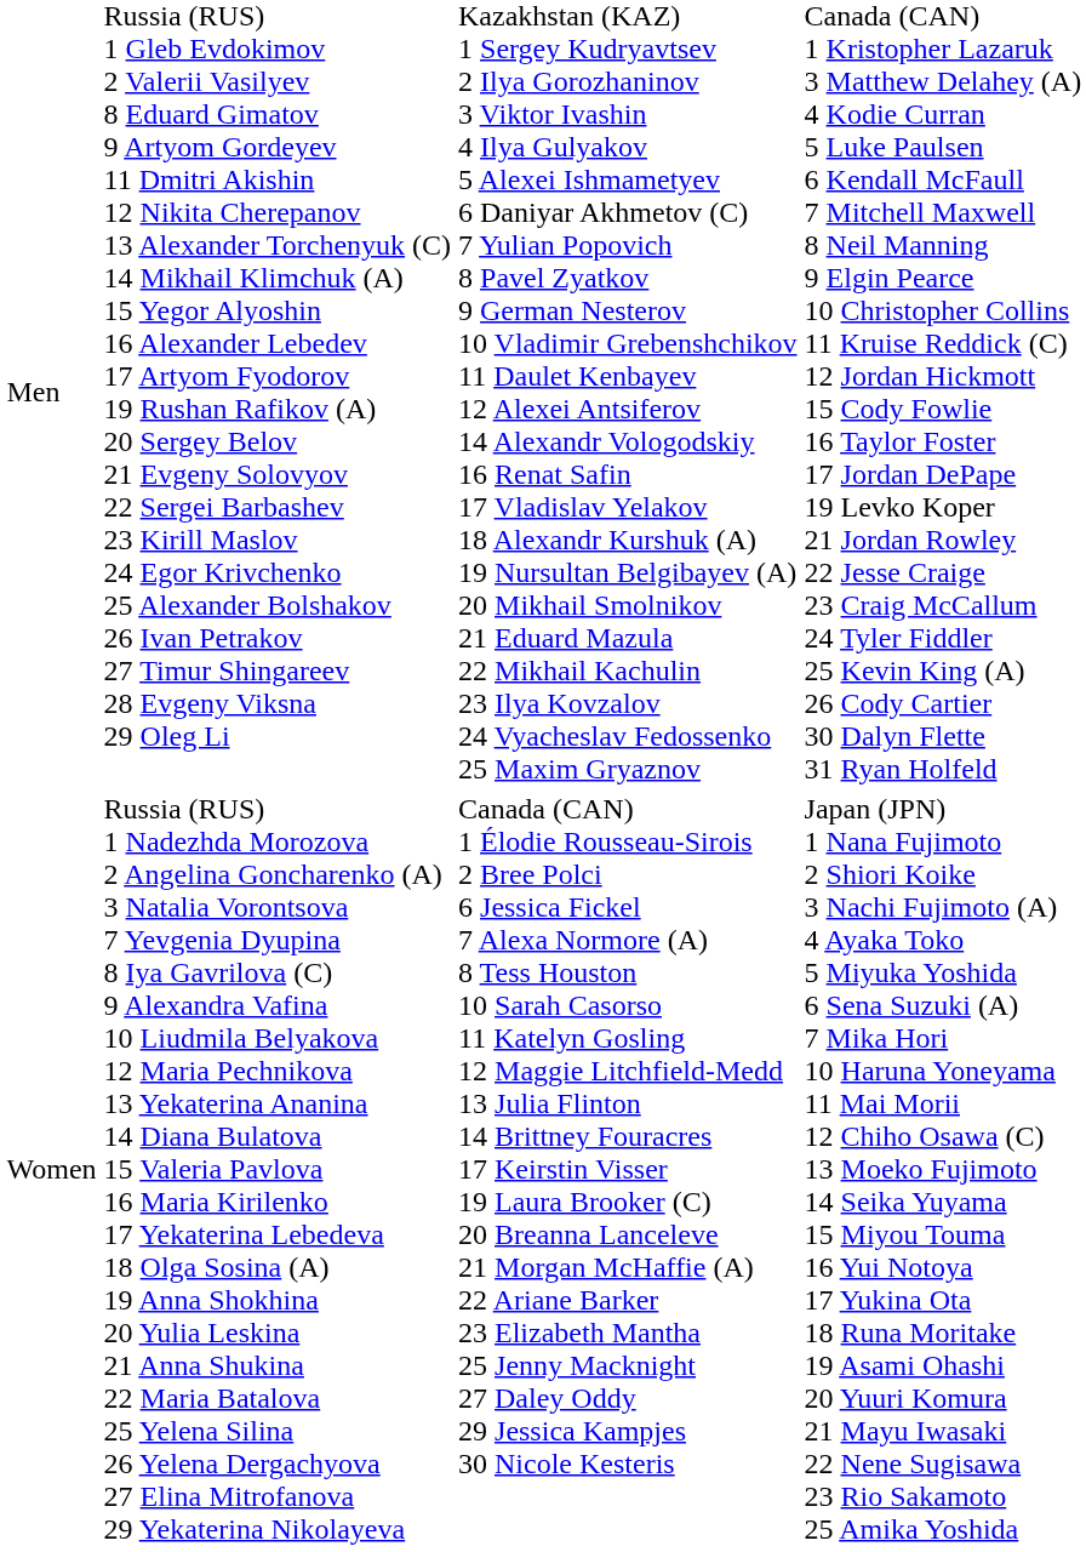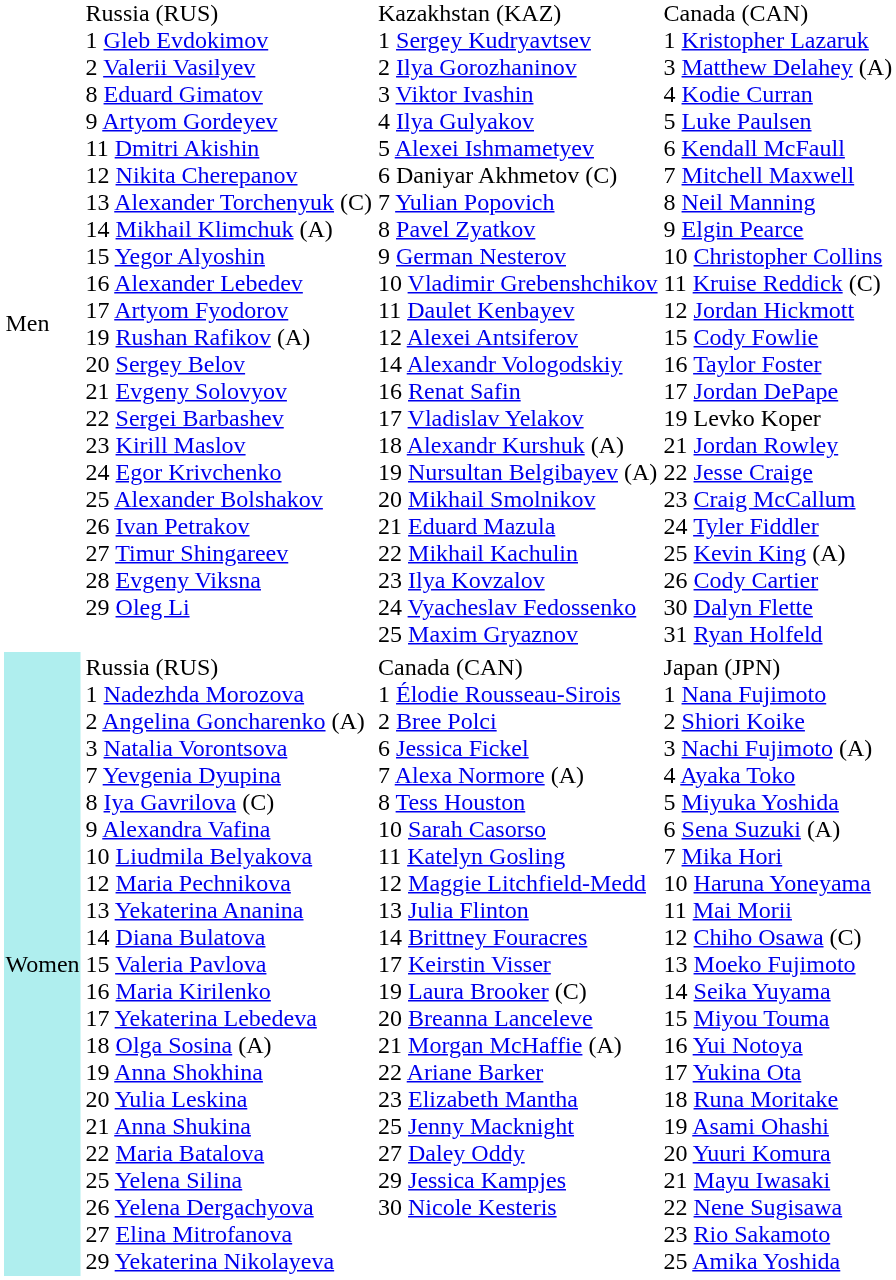 <table>
 <tr>
 <td>Men</td>
 <td valign=top> Russia (RUS)<br>1 <a href='#'>Gleb Evdokimov</a><br>2 <a href='#'>Valerii Vasilyev</a><br>8 <a href='#'>Eduard Gimatov</a><br>9 <a href='#'>Artyom Gordeyev</a><br>11 <a href='#'>Dmitri Akishin</a><br>12 <a href='#'>Nikita Cherepanov</a><br>13 <a href='#'>Alexander Torchenyuk</a> (C)<br>14 <a href='#'>Mikhail Klimchuk</a> (A)<br>15 <a href='#'>Yegor Alyoshin</a><br>16 <a href='#'>Alexander Lebedev</a><br>17 <a href='#'>Artyom Fyodorov</a><br>19 <a href='#'>Rushan Rafikov</a> (A)<br>20 <a href='#'>Sergey Belov</a><br>21 <a href='#'>Evgeny Solovyov</a><br>22 <a href='#'>Sergei Barbashev</a><br>23 <a href='#'>Kirill Maslov</a><br>24 <a href='#'>Egor Krivchenko</a><br>25 <a href='#'>Alexander Bolshakov</a><br>26 <a href='#'>Ivan Petrakov</a><br>27 <a href='#'>Timur Shingareev</a><br>28 <a href='#'>Evgeny Viksna</a><br>29 <a href='#'>Oleg Li</a></td>
 <td valign=top> Kazakhstan (KAZ)<br>1 <a href='#'>Sergey Kudryavtsev</a><br>2 <a href='#'>Ilya Gorozhaninov</a><br>3 <a href='#'>Viktor Ivashin</a><br>4 <a href='#'>Ilya Gulyakov</a><br>5 <a href='#'>Alexei Ishmametyev</a><br>6 Daniyar Akhmetov (C)<br>7 <a href='#'>Yulian Popovich</a><br>8 <a href='#'>Pavel Zyatkov</a><br>9 <a href='#'>German Nesterov</a><br>10 <a href='#'>Vladimir Grebenshchikov</a><br>11 <a href='#'>Daulet Kenbayev</a><br>12 <a href='#'>Alexei Antsiferov</a><br>14 <a href='#'>Alexandr Vologodskiy</a><br>16 <a href='#'>Renat Safin</a><br>17 <a href='#'>Vladislav Yelakov</a><br>18 <a href='#'>Alexandr Kurshuk</a> (A)<br>19 <a href='#'>Nursultan Belgibayev</a> (A)<br>20 <a href='#'>Mikhail Smolnikov</a><br>21 <a href='#'>Eduard Mazula</a><br>22 <a href='#'>Mikhail Kachulin</a><br>23 <a href='#'>Ilya Kovzalov</a><br>24 <a href='#'>Vyacheslav Fedossenko</a><br>25 <a href='#'>Maxim Gryaznov</a></td>
 <td valign=top> Canada (CAN)<br>1 <a href='#'>Kristopher Lazaruk</a><br>3 <a href='#'>Matthew Delahey</a> (A)<br>4 <a href='#'>Kodie Curran</a><br>5 <a href='#'>Luke Paulsen</a><br>6 <a href='#'>Kendall McFaull</a><br>7 <a href='#'>Mitchell Maxwell</a><br>8 <a href='#'>Neil Manning</a><br>9 <a href='#'>Elgin Pearce</a><br>10 <a href='#'>Christopher Collins</a><br>11 <a href='#'>Kruise Reddick</a> (C)<br>12 <a href='#'>Jordan Hickmott</a><br>15 <a href='#'>Cody Fowlie</a><br>16 <a href='#'>Taylor Foster</a><br>17 <a href='#'>Jordan DePape</a><br>19 Levko Koper<br>21 <a href='#'>Jordan Rowley</a><br>22 <a href='#'>Jesse Craige</a><br>23 <a href='#'>Craig McCallum</a><br>24 <a href='#'>Tyler Fiddler</a><br>25 <a href='#'>Kevin King</a> (A)<br>26 <a href='#'>Cody Cartier</a><br>30 <a href='#'>Dalyn Flette</a><br>31 <a href='#'>Ryan Holfeld</a></td>
 </tr>
 <tr>
-<td>Women</td>
+<td style="background: paleturquoise;">Women</td>
 <td valign=top> Russia (RUS)<br>1 <a href='#'>Nadezhda Morozova</a><br>2 <a href='#'>Angelina Goncharenko</a> (A)<br>3 <a href='#'>Natalia Vorontsova</a><br>7 <a href='#'>Yevgenia Dyupina</a><br>8 <a href='#'>Iya Gavrilova</a> (C)<br>9 <a href='#'>Alexandra Vafina</a><br>10 <a href='#'>Liudmila Belyakova</a><br>12 <a href='#'>Maria Pechnikova</a><br>13 <a href='#'>Yekaterina Ananina</a><br>14 <a href='#'>Diana Bulatova</a><br>15 <a href='#'>Valeria Pavlova</a><br>16 <a href='#'>Maria Kirilenko</a><br>17 <a href='#'>Yekaterina Lebedeva</a><br>18 <a href='#'>Olga Sosina</a> (A)<br>19 <a href='#'>Anna Shokhina</a><br>20 <a href='#'>Yulia Leskina</a><br>21 <a href='#'>Anna Shukina</a><br>22 <a href='#'>Maria Batalova</a><br>25 <a href='#'>Yelena Silina</a><br>26 <a href='#'>Yelena Dergachyova</a><br>27 <a href='#'>Elina Mitrofanova</a><br>29 <a href='#'>Yekaterina Nikolayeva</a></td>
 <td valign=top> Canada (CAN)<br>1 <a href='#'>Élodie Rousseau-Sirois</a><br>2 <a href='#'>Bree Polci</a><br>6 <a href='#'>Jessica Fickel</a><br>7 <a href='#'>Alexa Normore</a> (A)<br>8 <a href='#'>Tess Houston</a><br>10 <a href='#'>Sarah Casorso</a><br>11 <a href='#'>Katelyn Gosling</a><br>12 <a href='#'>Maggie Litchfield-Medd</a><br>13 <a href='#'>Julia Flinton</a><br>14 <a href='#'>Brittney Fouracres</a><br>17 <a href='#'>Keirstin Visser</a><br>19 <a href='#'>Laura Brooker</a> (C)<br>20 <a href='#'>Breanna Lanceleve</a><br>21 <a href='#'>Morgan McHaffie</a> (A)<br>22 <a href='#'>Ariane Barker</a><br>23 <a href='#'>Elizabeth Mantha</a><br>25 <a href='#'>Jenny Macknight</a><br>27 <a href='#'>Daley Oddy</a><br>29 <a href='#'>Jessica Kampjes</a><br>30 <a href='#'>Nicole Kesteris</a></td>
 <td valign=top> Japan (JPN)<br>1 <a href='#'>Nana Fujimoto</a><br>2 <a href='#'>Shiori Koike</a><br>3 <a href='#'>Nachi Fujimoto</a> (A)<br>4 <a href='#'>Ayaka Toko</a><br>5 <a href='#'>Miyuka Yoshida</a><br>6 <a href='#'>Sena Suzuki</a> (A)<br>7 <a href='#'>Mika Hori</a><br>10 <a href='#'>Haruna Yoneyama</a><br>11 <a href='#'>Mai Morii</a><br>12 <a href='#'>Chiho Osawa</a> (C)<br>13 <a href='#'>Moeko Fujimoto</a><br>14 <a href='#'>Seika Yuyama</a><br>15 <a href='#'>Miyou Touma</a><br>16 <a href='#'>Yui Notoya</a><br>17 <a href='#'>Yukina Ota</a><br>18 <a href='#'>Runa Moritake</a><br>19 <a href='#'>Asami Ohashi</a><br>20 <a href='#'>Yuuri Komura</a><br>21 <a href='#'>Mayu Iwasaki</a><br>22 <a href='#'>Nene Sugisawa</a><br>23 <a href='#'>Rio Sakamoto</a><br>25 <a href='#'>Amika Yoshida</a></td>
 </tr>
 </table>
